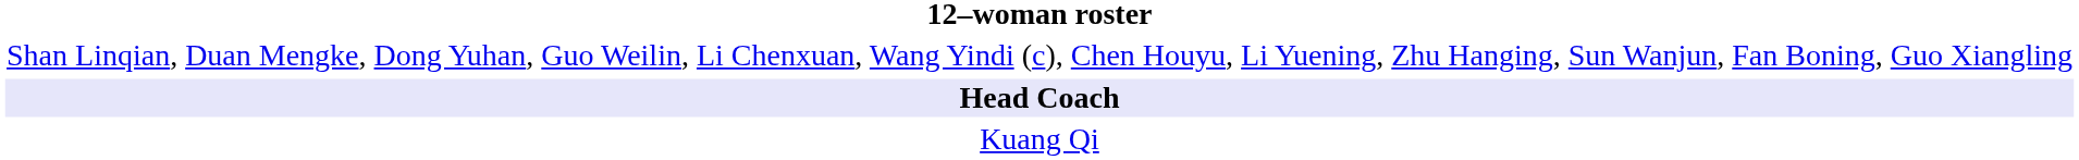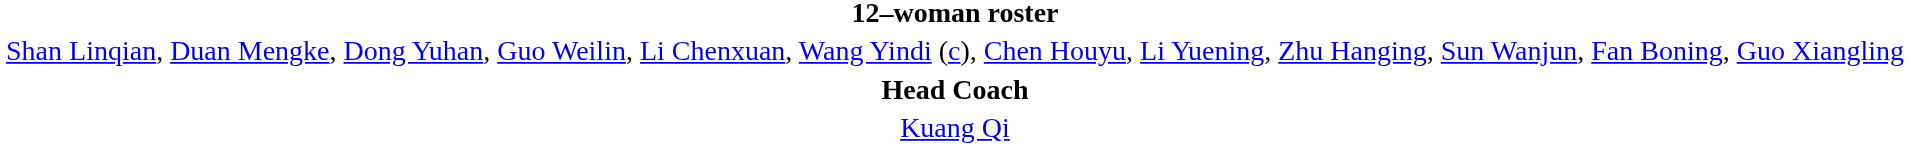 <table style="text-align: center; margin-top: 2em; margin-left: auto; margin-right: auto">
 <tr>
 <td><strong>12–woman roster</strong></td>
 </tr>
 <tr>
 <td><a href='#'>Shan Linqian</a>, <a href='#'>Duan Mengke</a>, <a href='#'>Dong Yuhan</a>, <a href='#'>Guo Weilin</a>, <a href='#'>Li Chenxuan</a>, <a href='#'>Wang Yindi</a> (<a href='#'>c</a>), <a href='#'>Chen Houyu</a>, <a href='#'>Li Yuening</a>, <a href='#'>Zhu Hanging</a>, <a href='#'>Sun Wanjun</a>, <a href='#'>Fan Boning</a>, <a href='#'>Guo Xiangling</a></td>
 </tr>
 <tr>
-<td style="background: lavender;"><strong>Head Coach</strong></td>
+<td><strong>Head Coach</strong></td>
 </tr>
 <tr>
 <td><a href='#'>Kuang Qi</a></td>
 </tr>
 </table>
